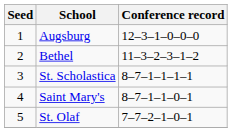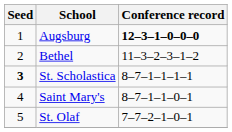 <table class="wikitable">
 <tr>
 <th>Seed</th>
 <th>School</th>
 <th>Conference record</th>
 </tr>
 <tr>
 <td align=center>1</td>
 <td><a href='#'>Augsburg</a></td>
-<td>12–3–1–0–0–0</td>
+<td><strong>12–3–1–0–0–0</strong></td>
 </tr>
 <tr>
 <td align=center>2</td>
 <td><a href='#'>Bethel</a></td>
 <td>11–3–2–3–1–2</td>
 </tr>
 <tr>
-<td align=center>3</td>
+<td align=center><strong>3</strong></td>
 <td><a href='#'>St. Scholastica</a></td>
 <td>8–7–1–1–1–1</td>
 </tr>
 <tr>
 <td align=center>4</td>
 <td><a href='#'>Saint Mary's</a></td>
 <td>8–7–1–1–0–1</td>
 </tr>
 <tr>
 <td align=center>5</td>
 <td><a href='#'>St. Olaf</a></td>
 <td>7–7–2–1–0–1</td>
 </tr>
 <tr>
 </tr>
 </table>
